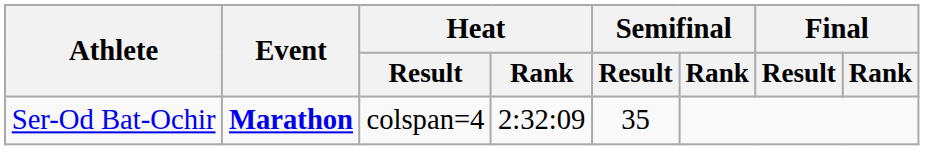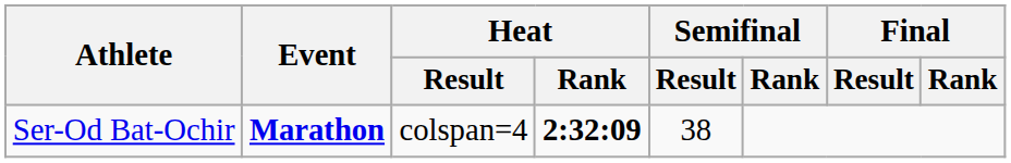 <table class="wikitable" style="font-size:90%">
 <tr>
 <th rowspan="2">Athlete</th>
 <th rowspan="2">Event</th>
 <th colspan="2">Heat</th>
 <th colspan="2">Semifinal</th>
 <th colspan="2">Final</th>
 </tr>
 <tr style="font-size:95%">
 <th>Result</th>
 <th>Rank</th>
 <th>Result</th>
 <th>Rank</th>
 <th>Result</th>
 <th>Rank</th>
 </tr>
 <tr style=text-align:center>
 <td style=text-align:left><a href='#'>Ser-Od Bat-Ochir</a></td>
 <td style=text-align:left><strong><a href='#'>Marathon</a></strong></td>
 <td>colspan=4 </td>
-<td>2:32:09</td>
-<td>35</td>
+<td><strong>2:32:09</strong></td>
+<td>38</td>
 </tr>
 </table>
